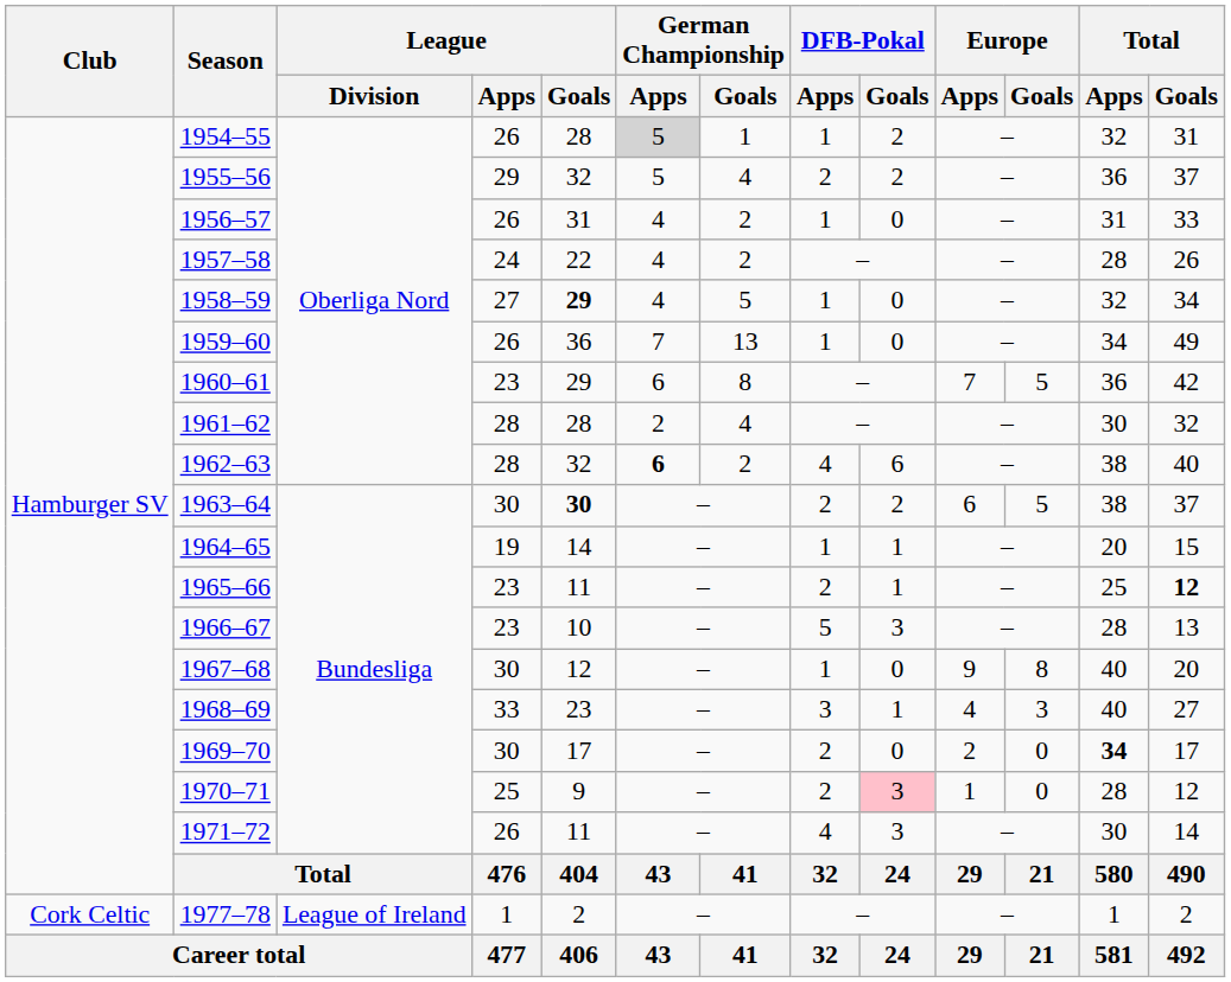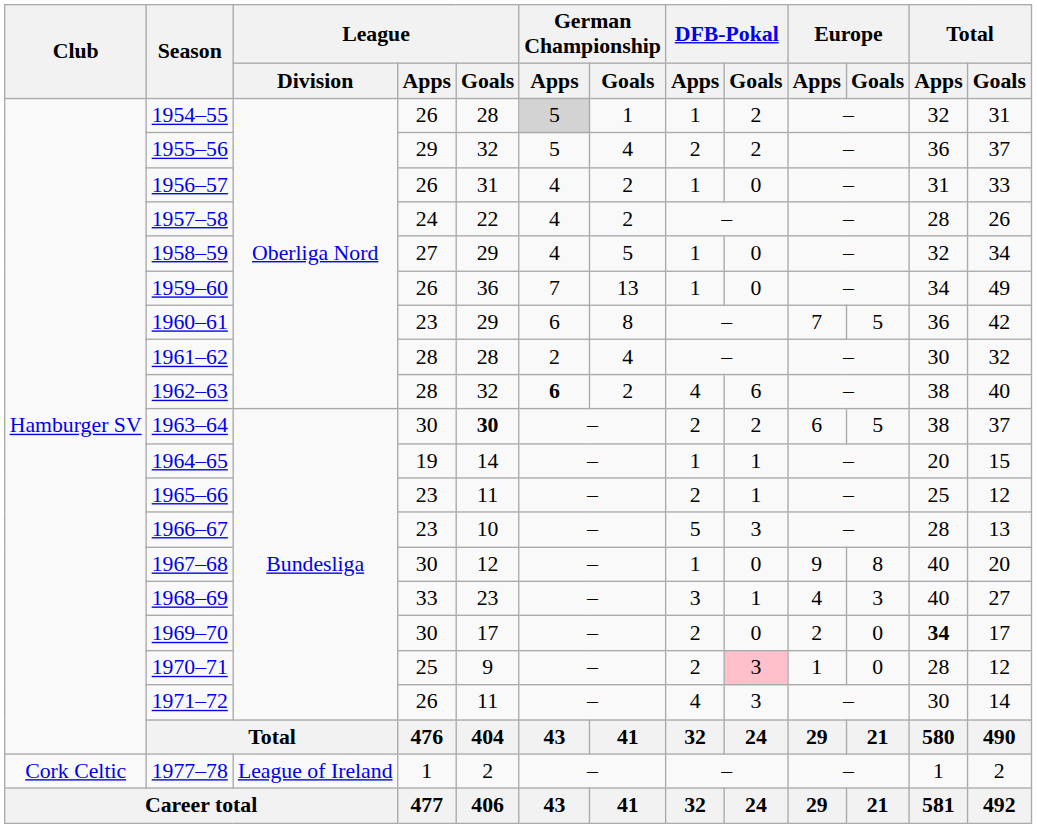 <table class="wikitable" style="text-align:center">
 <tr>
 <th rowspan="2">Club</th>
 <th rowspan="2">Season</th>
 <th colspan="3">League</th>
 <th colspan="2">German<br>Championship</th>
 <th colspan="2"><a href='#'>DFB-Pokal</a></th>
 <th colspan="2">Europe</th>
 <th colspan="2">Total</th>
 </tr>
 <tr>
 <th>Division</th>
 <th>Apps</th>
 <th>Goals</th>
 <th>Apps</th>
 <th>Goals</th>
 <th>Apps</th>
 <th>Goals</th>
 <th>Apps</th>
 <th>Goals</th>
 <th>Apps</th>
 <th>Goals</th>
 </tr>
 <tr>
 <td rowspan="19"><a href='#'>Hamburger SV</a></td>
 <td><a href='#'>1954–55</a></td>
 <td rowspan="9"><a href='#'>Oberliga Nord</a></td>
 <td>26</td>
 <td>28</td>
 <td style="background: lightgrey;">5</td>
 <td>1</td>
 <td>1</td>
 <td>2</td>
 <td colspan="2">–</td>
 <td>32</td>
 <td>31</td>
 </tr>
 <tr>
 <td><a href='#'>1955–56</a></td>
 <td>29</td>
 <td>32</td>
 <td>5</td>
 <td>4</td>
 <td>2</td>
 <td>2</td>
 <td colspan="2">–</td>
 <td>36</td>
 <td>37</td>
 </tr>
 <tr>
 <td><a href='#'>1956–57</a></td>
 <td>26</td>
 <td>31</td>
 <td>4</td>
 <td>2</td>
 <td>1</td>
 <td>0</td>
 <td colspan="2">–</td>
 <td>31</td>
 <td>33</td>
 </tr>
 <tr>
 <td><a href='#'>1957–58</a></td>
 <td>24</td>
 <td>22</td>
 <td>4</td>
 <td>2</td>
 <td colspan="2">–</td>
 <td colspan="2">–</td>
 <td>28</td>
 <td>26</td>
 </tr>
 <tr>
 <td><a href='#'>1958–59</a></td>
 <td>27</td>
-<td><strong>29</strong></td>
+<td>29</td>
 <td>4</td>
 <td>5</td>
 <td>1</td>
 <td>0</td>
 <td colspan="2">–</td>
 <td>32</td>
 <td>34</td>
 </tr>
 <tr>
 <td><a href='#'>1959–60</a></td>
 <td>26</td>
 <td>36</td>
 <td>7</td>
 <td>13</td>
 <td>1</td>
 <td>0</td>
 <td colspan="2">–</td>
 <td>34</td>
 <td>49</td>
 </tr>
 <tr>
 <td><a href='#'>1960–61</a></td>
 <td>23</td>
 <td>29</td>
 <td>6</td>
 <td>8</td>
 <td colspan="2">–</td>
 <td>7</td>
 <td>5</td>
 <td>36</td>
 <td>42</td>
 </tr>
 <tr>
 <td><a href='#'>1961–62</a></td>
 <td>28</td>
 <td>28</td>
 <td>2</td>
 <td>4</td>
 <td colspan="2">–</td>
 <td colspan="2">–</td>
 <td>30</td>
 <td>32</td>
 </tr>
 <tr>
 <td><a href='#'>1962–63</a></td>
 <td>28</td>
 <td>32</td>
 <td><strong>6</strong></td>
 <td>2</td>
 <td>4</td>
 <td>6</td>
 <td colspan="2">–</td>
 <td>38</td>
 <td>40</td>
 </tr>
 <tr>
 <td><a href='#'>1963–64</a></td>
 <td rowspan="9"><a href='#'>Bundesliga</a></td>
 <td>30</td>
 <td><strong>30</strong></td>
 <td colspan="2">–</td>
 <td>2</td>
 <td>2</td>
 <td>6</td>
 <td>5</td>
 <td>38</td>
 <td>37</td>
 </tr>
 <tr>
 <td><a href='#'>1964–65</a></td>
 <td>19</td>
 <td>14</td>
 <td colspan="2">–</td>
 <td>1</td>
 <td>1</td>
 <td colspan="2">–</td>
 <td>20</td>
 <td>15</td>
 </tr>
 <tr>
 <td><a href='#'>1965–66</a></td>
 <td>23</td>
 <td>11</td>
 <td colspan="2">–</td>
 <td>2</td>
 <td>1</td>
 <td colspan="2">–</td>
 <td>25</td>
-<td><strong>12</strong></td>
+<td>12</td>
 </tr>
 <tr>
 <td><a href='#'>1966–67</a></td>
 <td>23</td>
 <td>10</td>
 <td colspan="2">–</td>
 <td>5</td>
 <td>3</td>
 <td colspan="2">–</td>
 <td>28</td>
 <td>13</td>
 </tr>
 <tr>
 <td><a href='#'>1967–68</a></td>
 <td>30</td>
 <td>12</td>
 <td colspan="2">–</td>
 <td>1</td>
 <td>0</td>
 <td>9</td>
 <td>8</td>
 <td>40</td>
 <td>20</td>
 </tr>
 <tr>
 <td><a href='#'>1968–69</a></td>
 <td>33</td>
 <td>23</td>
 <td colspan="2">–</td>
 <td>3</td>
 <td>1</td>
 <td>4</td>
 <td>3</td>
 <td>40</td>
 <td>27</td>
 </tr>
 <tr>
 <td><a href='#'>1969–70</a></td>
 <td>30</td>
 <td>17</td>
 <td colspan="2">–</td>
 <td>2</td>
 <td>0</td>
 <td>2</td>
 <td>0</td>
 <td><strong>34</strong></td>
 <td>17</td>
 </tr>
 <tr>
 <td><a href='#'>1970–71</a></td>
 <td>25</td>
 <td>9</td>
 <td colspan="2">–</td>
 <td>2</td>
 <td style="background: pink;">3</td>
 <td>1</td>
 <td>0</td>
 <td>28</td>
 <td>12</td>
 </tr>
 <tr>
 <td><a href='#'>1971–72</a></td>
 <td>26</td>
 <td>11</td>
 <td colspan="2">–</td>
 <td>4</td>
 <td>3</td>
 <td colspan="2">–</td>
 <td>30</td>
 <td>14</td>
 </tr>
 <tr>
 <th colspan="2">Total</th>
 <th>476</th>
 <th>404</th>
 <th>43</th>
 <th>41</th>
 <th>32</th>
 <th>24</th>
 <th>29</th>
 <th>21</th>
 <th>580</th>
 <th>490</th>
 </tr>
 <tr>
 <td><a href='#'>Cork Celtic</a></td>
 <td><a href='#'>1977–78</a></td>
 <td><a href='#'>League of Ireland</a></td>
 <td>1</td>
 <td>2</td>
 <td colspan="2">–</td>
 <td colspan="2">–</td>
 <td colspan="2">–</td>
 <td>1</td>
 <td>2</td>
 </tr>
 <tr>
 <th colspan="3">Career total</th>
 <th>477</th>
 <th>406</th>
 <th>43</th>
 <th>41</th>
 <th>32</th>
 <th>24</th>
 <th>29</th>
 <th>21</th>
 <th>581</th>
 <th>492</th>
 </tr>
 </table>
